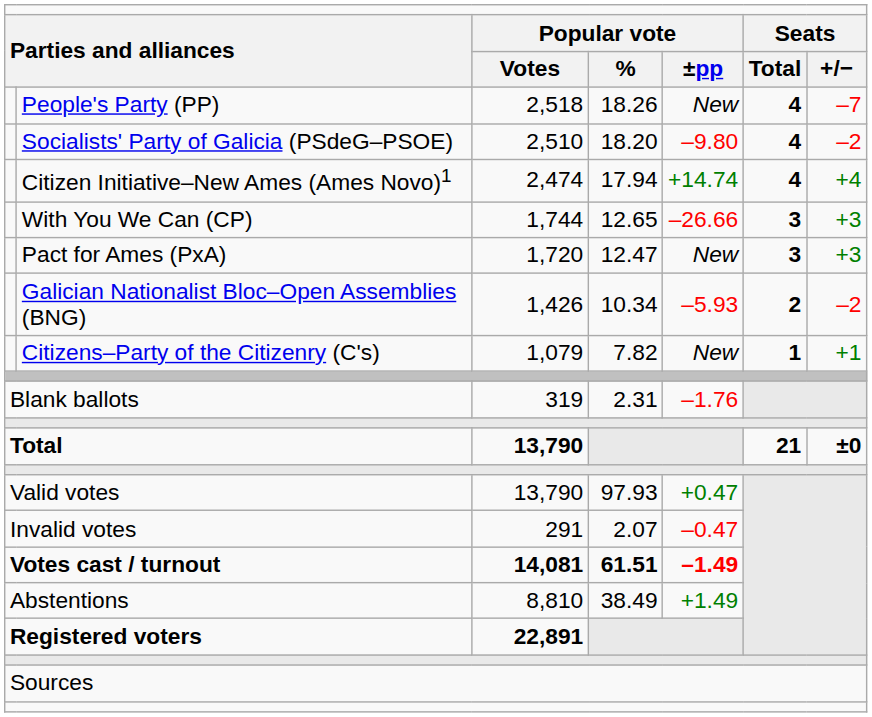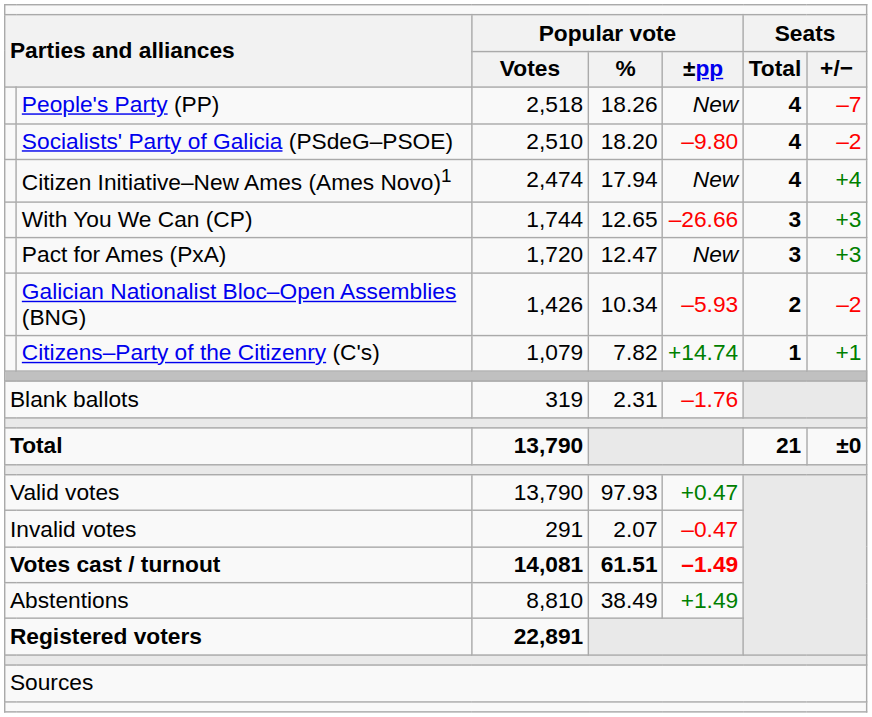 <table class="wikitable" style="text-align:right;">
 <tr>
 <td colspan="7"></td>
 </tr>
 <tr>
 <th style="text-align:left;" rowspan="2" colspan="2" width="525">Parties and alliances</th>
 <th colspan="3">Popular vote</th>
 <th colspan="2">Seats</th>
 </tr>
 <tr>
 <th width="75">Votes</th>
 <th width="45">%</th>
 <th width="45">±<a href='#'>pp</a></th>
 <th width="35">Total</th>
 <th width="35">+/−</th>
 </tr>
 <tr>
 <td width="1" style="color:inherit;background:"></td>
 <td align="left"><a href='#'>People's Party</a> (PP)</td>
 <td>2,518</td>
 <td>18.26</td>
 <td><em>New</em></td>
 <td><strong>4</strong></td>
 <td style="color:red;">–7</td>
 </tr>
 <tr>
 <td style="color:inherit;background:"></td>
 <td align="left"><a href='#'>Socialists' Party of Galicia</a> (PSdeG–PSOE)</td>
 <td>2,510</td>
 <td>18.20</td>
 <td style="color:red;">–9.80</td>
 <td><strong>4</strong></td>
 <td style="color:red;">–2</td>
 </tr>
 <tr>
 <td style="color:inherit;background:"></td>
 <td align="left">Citizen Initiative–New Ames (Ames Novo)<sup>1</sup></td>
 <td>2,474</td>
 <td>17.94</td>
-<td style="color:green;">+14.74</td>
+<td><em>New</em></td>
 <td><strong>4</strong></td>
 <td style="color:green;">+4</td>
 </tr>
 <tr>
 <td style="color:inherit;background:"></td>
 <td align="left">With You We Can (CP)</td>
 <td>1,744</td>
 <td>12.65</td>
 <td style="color:red;">–26.66</td>
 <td><strong>3</strong></td>
 <td style="color:green;">+3</td>
 </tr>
 <tr>
 <td style="color:inherit;background:"></td>
 <td align="left">Pact for Ames (PxA)</td>
 <td>1,720</td>
 <td>12.47</td>
 <td><em>New</em></td>
 <td><strong>3</strong></td>
 <td style="color:green;">+3</td>
 </tr>
 <tr>
 <td style="color:inherit;background:"></td>
 <td align="left"><a href='#'>Galician Nationalist Bloc–Open Assemblies</a> (BNG)</td>
 <td>1,426</td>
 <td>10.34</td>
 <td style="color:red;">–5.93</td>
 <td><strong>2</strong></td>
 <td style="color:red;">–2</td>
 </tr>
 <tr>
 <td style="color:inherit;background:"></td>
 <td align="left"><a href='#'>Citizens–Party of the Citizenry</a> (C's)</td>
 <td>1,079</td>
 <td>7.82</td>
-<td><em>New</em></td>
+<td style="color:green;">+14.74</td>
 <td><strong>1</strong></td>
 <td style="color:green;">+1</td>
 </tr>
 <tr>
 <td colspan="7" bgcolor="#C0C0C0"></td>
 </tr>
 <tr>
 <td align="left" colspan="2">Blank ballots</td>
 <td>319</td>
 <td>2.31</td>
 <td style="color:red;">–1.76</td>
 <td bgcolor="#E9E9E9" colspan="2"></td>
 </tr>
 <tr>
 <td colspan="7" bgcolor="#E9E9E9"></td>
 </tr>
 <tr style="font-weight:bold;">
 <td align="left" colspan="2">Total</td>
 <td>13,790</td>
 <td bgcolor="#E9E9E9" colspan="2"></td>
 <td>21</td>
 <td>±0</td>
 </tr>
 <tr>
 <td colspan="7" bgcolor="#E9E9E9"></td>
 </tr>
 <tr>
 <td align="left" colspan="2">Valid votes</td>
 <td>13,790</td>
 <td>97.93</td>
 <td style="color:green;">+0.47</td>
 <td bgcolor="#E9E9E9" colspan="2" rowspan="5"></td>
 </tr>
 <tr>
 <td align="left" colspan="2">Invalid votes</td>
 <td>291</td>
 <td>2.07</td>
 <td style="color:red;">–0.47</td>
 </tr>
 <tr style="font-weight:bold;">
 <td align="left" colspan="2">Votes cast / turnout</td>
 <td>14,081</td>
 <td>61.51</td>
 <td style="color:red;">–1.49</td>
 </tr>
 <tr>
 <td align="left" colspan="2">Abstentions</td>
 <td>8,810</td>
 <td>38.49</td>
 <td style="color:green;">+1.49</td>
 </tr>
 <tr style="font-weight:bold;">
 <td align="left" colspan="2">Registered voters</td>
 <td>22,891</td>
 <td bgcolor="#E9E9E9" colspan="2"></td>
 </tr>
 <tr>
 <td colspan="7" bgcolor="#E9E9E9"></td>
 </tr>
 <tr>
 <td align="left" colspan="7">Sources</td>
 </tr>
 <tr>
 <td colspan="7" style="text-align:left; max-width:790px;"></td>
 </tr>
 </table>
